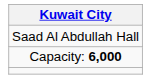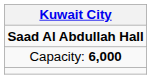 <table class="wikitable" style="margin:1em auto; text-align:center">
 <tr>
 <th><a href='#'>Kuwait City</a></th>
 </tr>
 <tr>
-<td>Saad Al Abdullah Hall</td>
+<td><strong>Saad Al Abdullah Hall</strong></td>
 </tr>
 <tr>
 <td>Capacity: <strong>6,000</strong></td>
 </tr>
 <tr>
 <td></td>
 </tr>
 </table>
